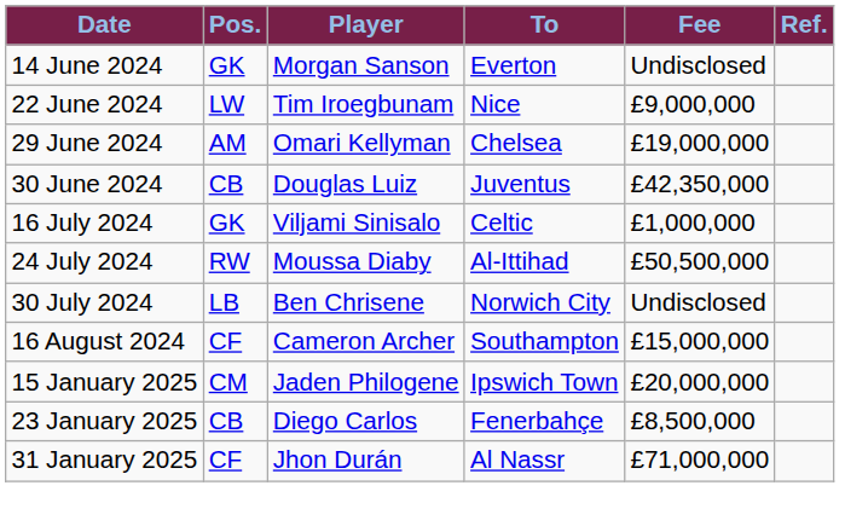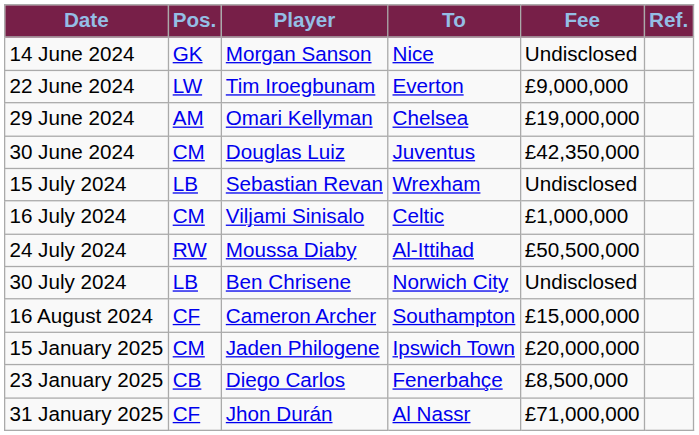 <table class="wikitable plainrowheaders sortable">
 <tr>
 <th style="background:#771F48; color:#94BEE5; ">Date</th>
 <th style="background:#771F48; color:#94BEE5; ">Pos.</th>
 <th style="background:#771F48; color:#94BEE5; ">Player</th>
 <th style="background:#771F48; color:#94BEE5; ">To</th>
 <th style="background:#771F48; color:#94BEE5; ">Fee</th>
 <th style="background:#771F48; color:#94BEE5; ">Ref.</th>
 </tr>
 <tr>
 <td>14 June 2024</td>
 <td><a href='#'>GK</a></td>
 <td> <a href='#'>Morgan Sanson</a></td>
-<td> <a href='#'>Everton</a></td>
+<td> <a href='#'>Nice</a></td>
 <td>Undisclosed</td>
 <td></td>
 </tr>
 <tr>
 <td>22 June 2024</td>
 <td><a href='#'>LW</a></td>
 <td> <a href='#'>Tim Iroegbunam</a></td>
-<td> <a href='#'>Nice</a></td>
+<td> <a href='#'>Everton</a></td>
 <td>£9,000,000</td>
 <td></td>
 </tr>
 <tr>
 <td>29 June 2024</td>
 <td><a href='#'>AM</a></td>
 <td> <a href='#'>Omari Kellyman</a></td>
 <td> <a href='#'>Chelsea</a></td>
 <td>£19,000,000</td>
 <td></td>
 </tr>
 <tr>
 <td>30 June 2024</td>
-<td><a href='#'>CB</a></td>
+<td><a href='#'>CM</a></td>
 <td> <a href='#'>Douglas Luiz</a></td>
 <td> <a href='#'>Juventus</a></td>
 <td>£42,350,000</td>
 <td></td>
 </tr>
 <tr>
+<td>15 July 2024</td>
+<td><a href='#'>LB</a></td>
+<td> <a href='#'>Sebastian Revan</a></td>
+<td> <a href='#'>Wrexham</a></td>
+<td>Undisclosed</td>
+<td></td>
+</tr>
+<tr>
 <td>16 July 2024</td>
-<td><a href='#'>GK</a></td>
+<td><a href='#'>CM</a></td>
 <td> <a href='#'>Viljami Sinisalo</a></td>
 <td> <a href='#'>Celtic</a></td>
 <td>£1,000,000</td>
 <td></td>
 </tr>
 <tr>
 <td>24 July 2024</td>
 <td><a href='#'>RW</a></td>
 <td> <a href='#'>Moussa Diaby</a></td>
 <td> <a href='#'>Al-Ittihad</a></td>
 <td>£50,500,000</td>
 <td></td>
 </tr>
 <tr>
 <td>30 July 2024</td>
 <td><a href='#'>LB</a></td>
 <td> <a href='#'>Ben Chrisene</a></td>
 <td> <a href='#'>Norwich City</a></td>
 <td>Undisclosed</td>
 <td></td>
 </tr>
 <tr>
 <td>16 August 2024</td>
 <td><a href='#'>CF</a></td>
 <td> <a href='#'>Cameron Archer</a></td>
 <td> <a href='#'>Southampton</a></td>
 <td>£15,000,000</td>
 <td></td>
 </tr>
 <tr>
 <td>15 January 2025</td>
 <td><a href='#'>CM</a></td>
 <td> <a href='#'>Jaden Philogene</a></td>
 <td> <a href='#'>Ipswich Town</a></td>
 <td>£20,000,000</td>
 <td></td>
 </tr>
 <tr>
 <td>23 January 2025</td>
 <td><a href='#'>CB</a></td>
 <td> <a href='#'>Diego Carlos</a></td>
 <td> <a href='#'>Fenerbahçe</a></td>
 <td>£8,500,000</td>
 <td></td>
 </tr>
 <tr>
 <td>31 January 2025</td>
 <td><a href='#'>CF</a></td>
 <td> <a href='#'>Jhon Durán</a></td>
 <td> <a href='#'>Al Nassr</a></td>
 <td>£71,000,000</td>
 <td></td>
 </tr>
 </table>
